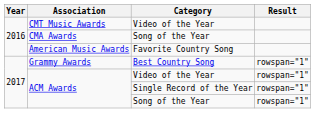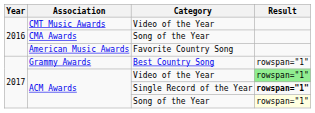 <table class="wikitable plainrowheaders">
 <tr>
 <th>Year</th>
 <th>Association</th>
 <th>Category</th>
 <th>Result</th>
 </tr>
 <tr>
 <td rowspan="3">2016</td>
 <td rowspan="1"><a href='#'>CMT Music Awards</a></td>
 <td>Video of the Year</td>
 <td></td>
 </tr>
 <tr>
 <td rowspan="1"><a href='#'>CMA Awards</a></td>
 <td>Song of the Year</td>
 <td></td>
 </tr>
 <tr>
 <td rowspan="1"><a href='#'>American Music Awards</a></td>
 <td>Favorite Country Song</td>
 <td></td>
 </tr>
 <tr>
 <td rowspan="4">2017</td>
 <td rowspan="1"><a href='#'>Grammy Awards</a></td>
 <td><a href='#'>Best Country Song</a></td>
 <td>rowspan="1" </td>
 </tr>
 <tr>
 <td rowspan="3"><a href='#'>ACM Awards</a></td>
 <td>Video of the Year</td>
-<td>rowspan="1" </td>
+<td style="background: lightgreen;">rowspan="1" </td>
 </tr>
 <tr>
 <td>Single Record of the Year</td>
-<td>rowspan="1" </td>
+<td><strong>rowspan="1" </strong></td>
 </tr>
 <tr>
 <td>Song of the Year</td>
-<td>rowspan="1" </td>
+<td style="background: lightyellow;">rowspan="1" </td>
 </tr>
 </table>
